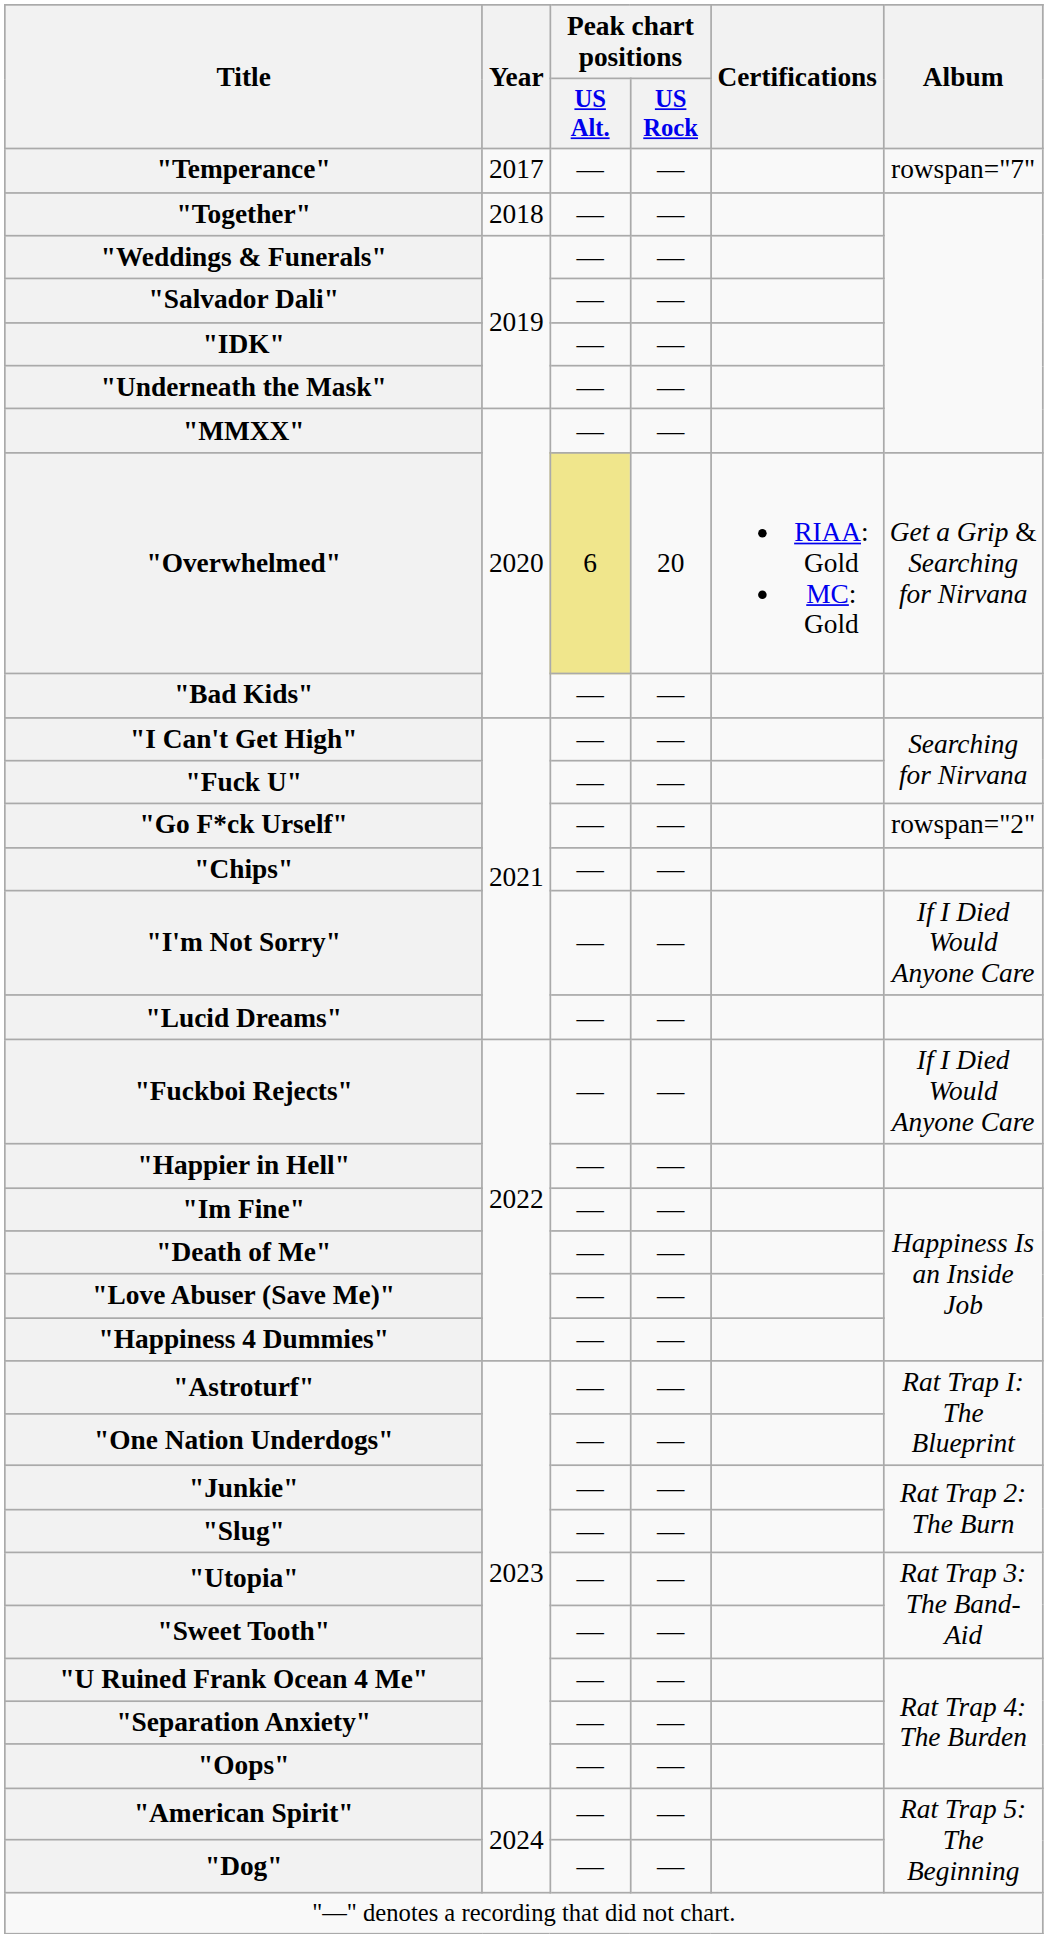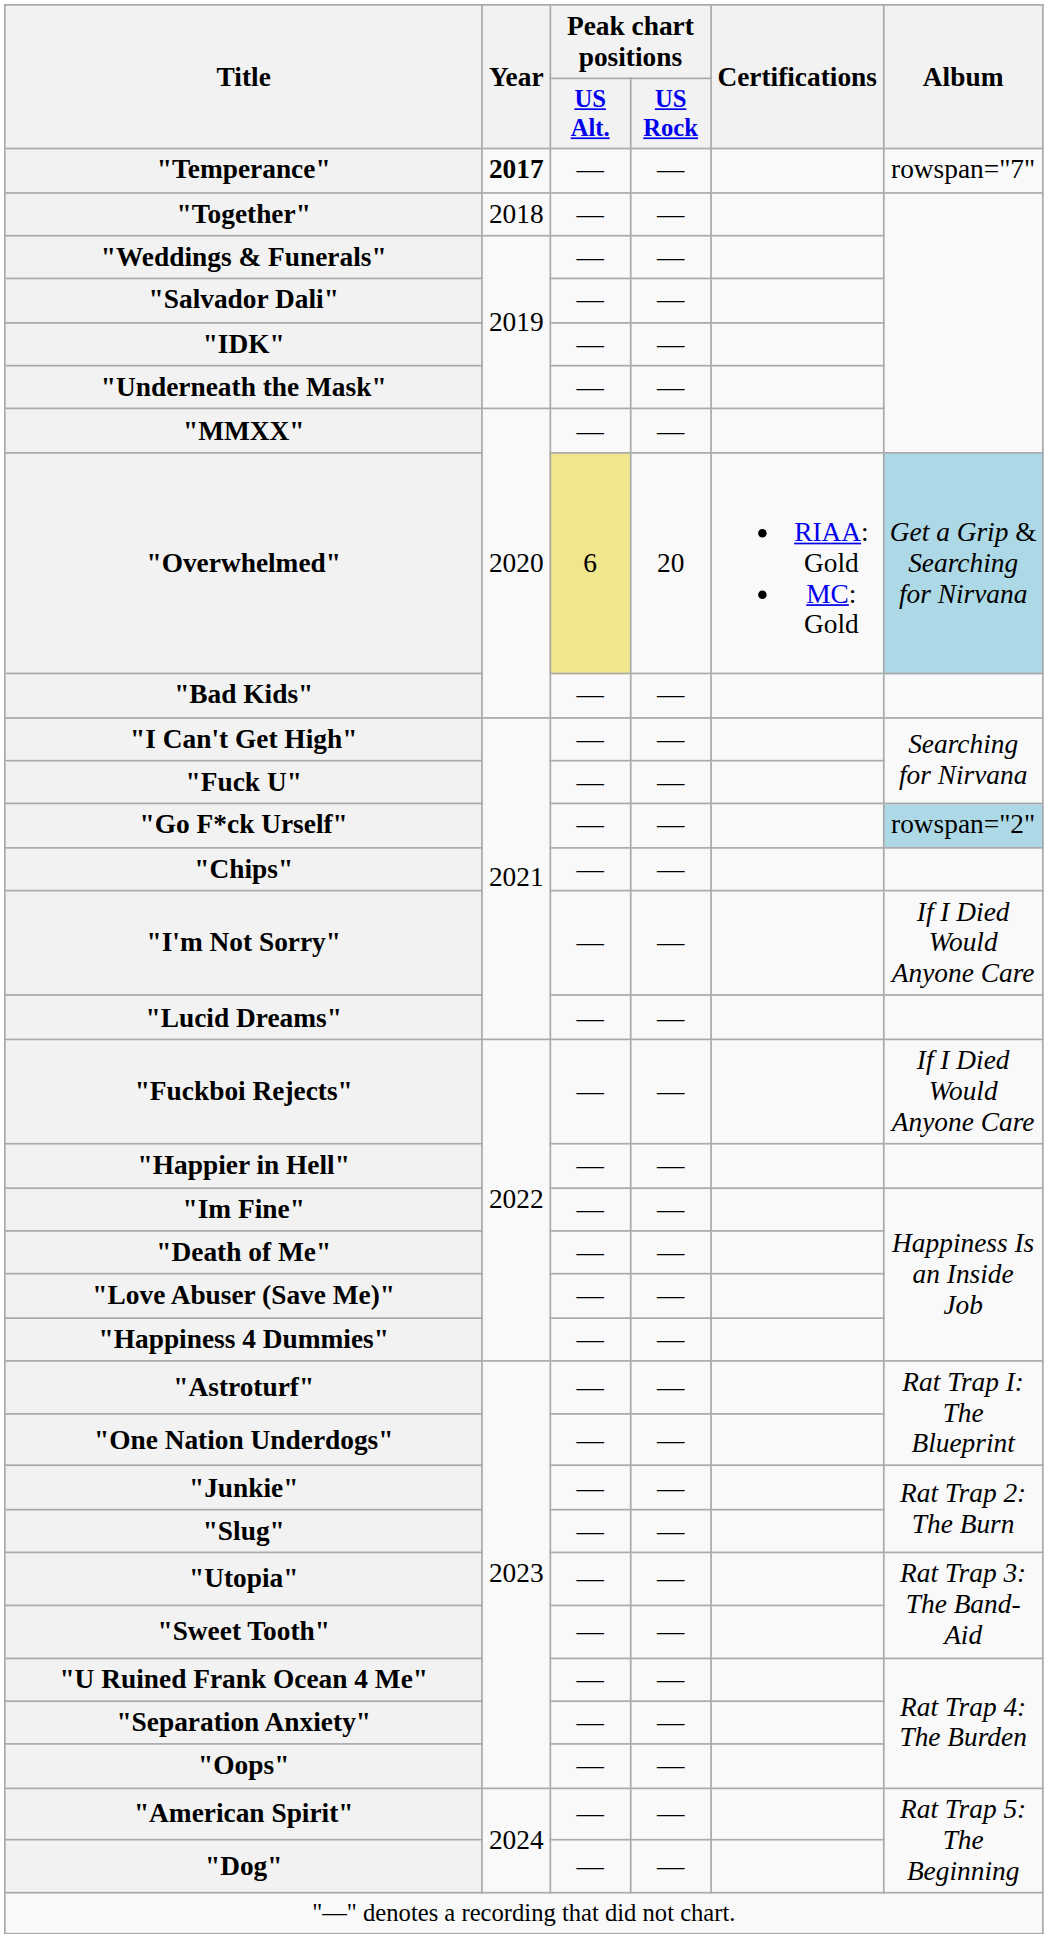 <table class="wikitable plainrowheaders" style="text-align:center;">
 <tr>
 <th scope="col" rowspan="2" style="width:17em;">Title</th>
 <th scope="col" rowspan="2">Year</th>
 <th scope="col" colspan="2">Peak chart positions</th>
 <th scope="col" rowspan="2">Certifications</th>
 <th scope="col" rowspan="2">Album</th>
 </tr>
 <tr>
 <th scope="col" style="width:2.8em;font-size:90%;"><a href='#'>US<br>Alt.</a><br></th>
 <th scope="col" style="width:2.8em;font-size:90%;"><a href='#'>US<br>Rock</a><br></th>
 </tr>
 <tr>
 <th scope="row">"Temperance"</th>
-<td>2017</td>
+<td><strong>2017</strong></td>
 <td>—</td>
 <td>—</td>
 <td></td>
 <td>rowspan="7" </td>
 </tr>
 <tr>
 <th scope="row">"Together"</th>
 <td>2018</td>
 <td>—</td>
 <td>—</td>
 <td></td>
 </tr>
 <tr>
 <th scope="row">"Weddings & Funerals"</th>
 <td rowspan="4">2019</td>
 <td>—</td>
 <td>—</td>
 <td></td>
 </tr>
 <tr>
 <th scope="row">"Salvador Dali"<br></th>
 <td>—</td>
 <td>—</td>
 <td></td>
 </tr>
 <tr>
 <th scope="row">"IDK"<br></th>
 <td>—</td>
 <td>—</td>
 <td></td>
 </tr>
 <tr>
 <th scope="row">"Underneath the Mask"</th>
 <td>—</td>
 <td>—</td>
 <td></td>
 </tr>
 <tr>
 <th scope="row">"MMXX"</th>
 <td rowspan="3">2020</td>
 <td>—</td>
 <td>—</td>
 <td></td>
 </tr>
 <tr>
 <th scope="row">"Overwhelmed"</th>
 <td style="background: khaki;">6</td>
 <td>20</td>
 <td><br><ul><li><a href='#'>RIAA</a>: Gold</li><li><a href='#'>MC</a>: Gold</li></ul></td>
-<td><em>Get a Grip</em> & <em>Searching for Nirvana</em></td>
+<td style="background: lightblue;"><em>Get a Grip</em> & <em>Searching for Nirvana</em></td>
 </tr>
 <tr>
 <th scope="row">"Bad Kids"<br></th>
 <td>—</td>
 <td>—</td>
 <td></td>
 <td></td>
 </tr>
 <tr>
 <th scope="row">"I Can't Get High"</th>
 <td rowspan="6">2021</td>
 <td>—</td>
 <td>—</td>
 <td></td>
 <td rowspan="2"><em>Searching for Nirvana</em></td>
 </tr>
 <tr>
 <th scope="row">"Fuck U"</th>
 <td>—</td>
 <td>—</td>
 <td></td>
 </tr>
 <tr>
 <th scope="row">"Go F*ck Urself"</th>
 <td>—</td>
 <td>—</td>
 <td></td>
-<td>rowspan="2" </td>
+<td style="background: lightblue;">rowspan="2" </td>
 </tr>
 <tr>
 <th scope="row">"Chips"<br></th>
 <td>—</td>
 <td>—</td>
 <td></td>
 </tr>
 <tr>
 <th scope="row">"I'm Not Sorry"</th>
 <td>—</td>
 <td>—</td>
 <td></td>
 <td><em>If I Died Would Anyone Care</em></td>
 </tr>
 <tr>
 <th scope="row">"Lucid Dreams"<br></th>
 <td>—</td>
 <td>—</td>
 <td></td>
 <td></td>
 </tr>
 <tr>
 <th scope="row">"Fuckboi Rejects"</th>
 <td rowspan="6">2022</td>
 <td>—</td>
 <td>—</td>
 <td></td>
 <td><em>If I Died Would Anyone Care</em></td>
 </tr>
 <tr>
 <th scope="row">"Happier in Hell"</th>
 <td>—</td>
 <td>—</td>
 <td></td>
 <td></td>
 </tr>
 <tr>
 <th scope="row">"Im Fine"</th>
 <td>—</td>
 <td>—</td>
 <td></td>
 <td rowspan="4"><em>Happiness Is an Inside Job</em></td>
 </tr>
 <tr>
 <th scope="row">"Death of Me"</th>
 <td>—</td>
 <td>—</td>
 <td></td>
 </tr>
 <tr>
 <th scope="row">"Love Abuser (Save Me)"</th>
 <td>—</td>
 <td>—</td>
 <td></td>
 </tr>
 <tr>
 <th scope="row">"Happiness 4 Dummies"</th>
 <td>—</td>
 <td>—</td>
 <td></td>
 </tr>
 <tr>
 <th scope="row">"Astroturf"</th>
 <td rowspan="9">2023</td>
 <td>—</td>
 <td>—</td>
 <td></td>
 <td rowspan="2"><em>Rat Trap I: The Blueprint</em></td>
 </tr>
 <tr>
 <th scope="row">"One Nation Underdogs"</th>
 <td>—</td>
 <td>—</td>
 <td></td>
 </tr>
 <tr>
 <th scope="row">"Junkie"</th>
 <td>—</td>
 <td>—</td>
 <td></td>
 <td rowspan="2"><em>Rat Trap 2: The Burn</em></td>
 </tr>
 <tr>
 <th scope="row">"Slug"</th>
 <td>—</td>
 <td>—</td>
 <td></td>
 </tr>
 <tr>
 <th scope="row">"Utopia"</th>
 <td>—</td>
 <td>—</td>
 <td></td>
 <td rowspan="2"><em>Rat Trap 3: The Band-Aid</em></td>
 </tr>
 <tr>
 <th scope="row">"Sweet Tooth"</th>
 <td>—</td>
 <td>—</td>
 <td></td>
 </tr>
 <tr>
 <th scope="row">"U Ruined Frank Ocean 4 Me"</th>
 <td>—</td>
 <td>—</td>
 <td></td>
 <td rowspan="3"><em>Rat Trap 4: The Burden</em></td>
 </tr>
 <tr>
 <th scope="row">"Separation Anxiety"</th>
 <td>—</td>
 <td>—</td>
 <td></td>
 </tr>
 <tr>
 <th scope="row">"Oops"</th>
 <td>—</td>
 <td>—</td>
 <td></td>
 </tr>
 <tr>
 <th scope="row">"American Spirit"</th>
 <td rowspan="2">2024</td>
 <td>—</td>
 <td>—</td>
 <td></td>
 <td rowspan="2"><em>Rat Trap 5: The Beginning</em></td>
 </tr>
 <tr>
 <th scope="row">"Dog"</th>
 <td>—</td>
 <td>—</td>
 <td></td>
 </tr>
 <tr>
 <td colspan="6" style="font-size:90%">"—" denotes a recording that did not chart.</td>
 </tr>
 </table>
